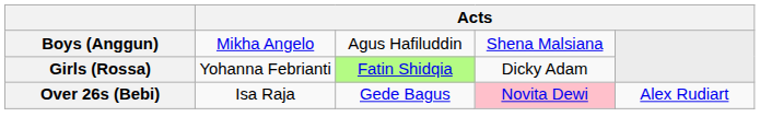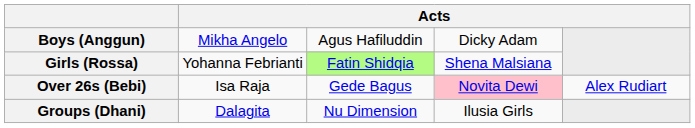 <table class="wikitable" style="text-align:center">
 <tr>
 <th spope="col" style="width:180px;"></th>
 <th scope="col" style="width:375px;" colspan="4">Acts</th>
 </tr>
 <tr>
 <th scope="row" style="width:180px">Boys (Anggun)</th>
 <td style="width:130px"><a href='#'>Mikha Angelo</a></td>
 <td style="width:130px">Agus Hafiluddin</td>
-<td style="width:130px"><a href='#'>Shena Malsiana</a></td>
+<td style="width:130px">Dicky Adam</td>
 <td rowspan=2 bgcolor="ececec"></td>
 </tr>
 <tr>
 <th scope="row" style="width:180px">Girls (Rossa)</th>
 <td style="width:130px">Yohanna Febrianti</td>
 <td style="background:#B4FB84;"><a href='#'>Fatin Shidqia</a></td>
-<td style="width:130px">Dicky Adam</td>
+<td style="width:130px"><a href='#'>Shena Malsiana</a></td>
 </tr>
 <tr>
 <th scope="row" style="width:180px">Over 26s (Bebi)</th>
 <td style="width:130px">Isa Raja</td>
 <td style="width:130px"><a href='#'>Gede Bagus</a></td>
 <td style="background:Pink;"><a href='#'>Novita Dewi</a></td>
 <td style="width:130px"><a href='#'>Alex Rudiart</a></td>
 </tr>
+<tr>
+<th scope="row" style="width:180px">Groups (Dhani)</th>
+<td style="width:130px"><a href='#'>Dalagita</a></td>
+<td><a href='#'>Nu Dimension</a></td>
+<td style="width:130px">Ilusia Girls</td>
+<td bgcolor="ececec"></td>
+</tr>
 </table>
